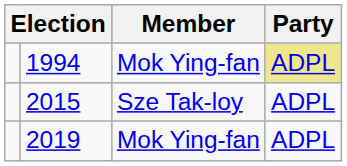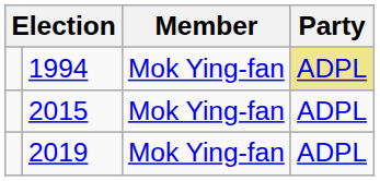 <table class="wikitable">
 <tr>
 <th colspan="2">Election</th>
 <th>Member</th>
 <th>Party</th>
 </tr>
 <tr>
 <td style="background-color: "></td>
 <td><a href='#'>1994</a></td>
 <td><a href='#'>Mok Ying-fan</a></td>
 <td style="background: khaki;"><a href='#'>ADPL</a></td>
 </tr>
 <tr>
 <td style="background-color: "></td>
 <td><a href='#'>2015</a></td>
-<td><a href='#'>Sze Tak-loy</a></td>
+<td><a href='#'>Mok Ying-fan</a></td>
 <td><a href='#'>ADPL</a></td>
 </tr>
 <tr>
 <td style="background-color: "></td>
 <td><a href='#'>2019</a></td>
 <td><a href='#'>Mok Ying-fan</a></td>
 <td><a href='#'>ADPL</a></td>
 </tr>
 </table>
